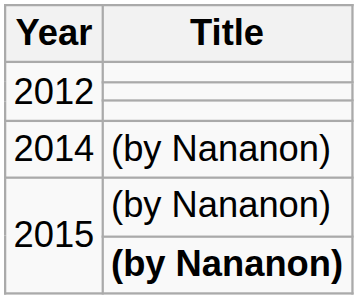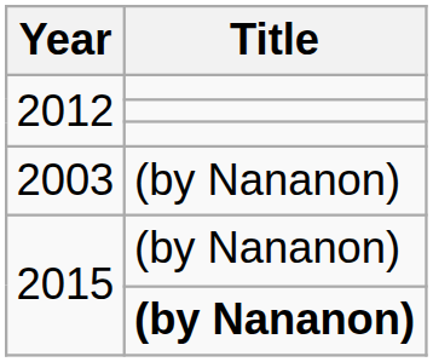 <table class="wikitable">
 <tr>
 <th>Year</th>
 <th>Title</th>
 </tr>
 <tr>
 <td rowspan="3" align="center">2012</td>
 <td></td>
 </tr>
 <tr>
 <td></td>
 </tr>
 <tr>
 <td></td>
 </tr>
 <tr>
-<td rowspan="1" align="center">2014</td>
+<td rowspan="1" align="center">2003</td>
 <td> (by Nananon)</td>
 </tr>
 <tr>
 <td rowspan="2" align="center">2015</td>
 <td> (by Nananon)</td>
 </tr>
 <tr>
 <td><strong> (by Nananon)</strong></td>
 </tr>
 </table>
